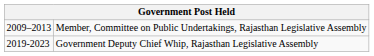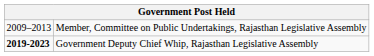 <table class="wikitable">
 <tr>
 <th colspan=2>Government Post Held</th>
 </tr>
 <tr>
 <td>2009–2013</td>
 <td>Member, Committee on Public Undertakings, Rajasthan Legislative Assembly</td>
 </tr>
 <tr>
-<td>2019-2023</td>
+<td><strong>2019-2023</strong></td>
 <td>Government Deputy Chief Whip, Rajasthan Legislative Assembly</td>
 </tr>
 </table>
